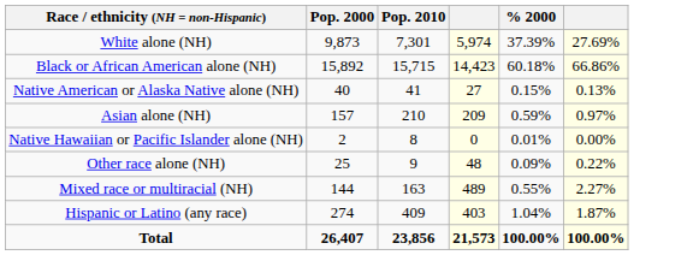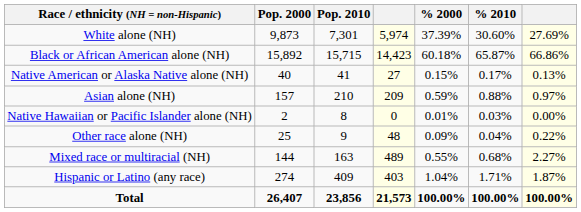 <table class="wikitable" style="text-align:center;">
 <tr>
 <th>Race / ethnicity <small>(<em>NH = non-Hispanic</em>)</small></th>
 <th>Pop. 2000</th>
 <th>Pop. 2010</th>
 <th></th>
 <th>% 2000</th>
+<th>% 2010</th>
 <th></th>
 </tr>
 <tr>
 <td><a href='#'>White</a> alone (NH)</td>
 <td>9,873</td>
 <td>7,301</td>
 <td style='background: #ffffe6;'>5,974</td>
 <td>37.39%</td>
+<td>30.60%</td>
 <td style='background: #ffffe6;'>27.69%</td>
 </tr>
 <tr>
 <td><a href='#'>Black or African American</a> alone (NH)</td>
 <td>15,892</td>
 <td>15,715</td>
 <td style='background: #ffffe6;'>14,423</td>
 <td>60.18%</td>
+<td>65.87%</td>
 <td style='background: #ffffe6;'>66.86%</td>
 </tr>
 <tr>
 <td><a href='#'>Native American</a> or <a href='#'>Alaska Native</a> alone (NH)</td>
 <td>40</td>
 <td>41</td>
 <td style='background: #ffffe6;'>27</td>
 <td>0.15%</td>
+<td>0.17%</td>
 <td style='background: #ffffe6;'>0.13%</td>
 </tr>
 <tr>
 <td><a href='#'>Asian</a> alone (NH)</td>
 <td>157</td>
 <td>210</td>
 <td style='background: #ffffe6;'>209</td>
 <td>0.59%</td>
+<td>0.88%</td>
 <td style='background: #ffffe6;'>0.97%</td>
 </tr>
 <tr>
 <td><a href='#'>Native Hawaiian</a> or <a href='#'>Pacific Islander</a> alone (NH)</td>
 <td>2</td>
 <td>8</td>
 <td style='background: #ffffe6;'>0</td>
 <td>0.01%</td>
+<td>0.03%</td>
 <td style='background: #ffffe6;'>0.00%</td>
 </tr>
 <tr>
 <td><a href='#'>Other race</a> alone (NH)</td>
 <td>25</td>
 <td>9</td>
 <td style='background: #ffffe6;'>48</td>
 <td>0.09%</td>
+<td>0.04%</td>
 <td style='background: #ffffe6;'>0.22%</td>
 </tr>
 <tr>
 <td><a href='#'>Mixed race or multiracial</a> (NH)</td>
 <td>144</td>
 <td>163</td>
 <td style='background: #ffffe6;'>489</td>
 <td>0.55%</td>
+<td>0.68%</td>
 <td style='background: #ffffe6;'>2.27%</td>
 </tr>
 <tr>
 <td><a href='#'>Hispanic or Latino</a> (any race)</td>
 <td>274</td>
 <td>409</td>
 <td style='background: #ffffe6;'>403</td>
 <td>1.04%</td>
+<td>1.71%</td>
 <td style='background: #ffffe6;'>1.87%</td>
 </tr>
 <tr>
 <td><strong>Total</strong></td>
 <td><strong>26,407</strong></td>
 <td><strong>23,856</strong></td>
 <td style='background: #ffffe6;'><strong>21,573</strong></td>
 <td><strong>100.00%</strong></td>
+<td><strong>100.00%</strong></td>
 <td style='background: #ffffe6;'><strong>100.00%</strong></td>
 </tr>
 </table>
